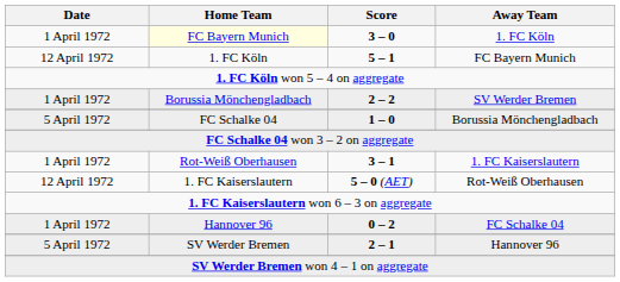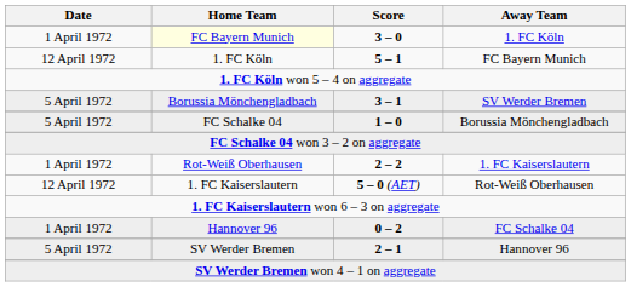 <table class="wikitable" style="text-align: center;">
 <tr>
 <th width=20%>Date</th>
 <th width=25%>Home Team</th>
 <th width=15%>Score</th>
 <th width=25%>Away Team</th>
 </tr>
 <tr>
 <td>1 April 1972</td>
 <td style="background: lightyellow;"><a href='#'>FC Bayern Munich</a></td>
 <td><strong>3 – 0</strong></td>
 <td><a href='#'>1. FC Köln</a></td>
 </tr>
 <tr>
 <td>12 April 1972</td>
 <td>1. FC Köln</td>
 <td><strong>5 – 1</strong></td>
 <td>FC Bayern Munich</td>
 </tr>
 <tr>
 <td colspan=4><strong><a href='#'>1. FC Köln</a></strong> won 5 – 4 on <a href='#'>aggregate</a></td>
 </tr>
 <tr style="background: #EEEEEE;">
-<td>1 April 1972</td>
+<td>5 April 1972</td>
 <td><a href='#'>Borussia Mönchengladbach</a></td>
-<td><strong>2 – 2</strong></td>
+<td><strong>3 – 1</strong></td>
 <td><a href='#'>SV Werder Bremen</a></td>
 </tr>
 <tr>
 </tr>
 <tr style="background: #EEEEEE;">
 <td>5 April 1972</td>
 <td>FC Schalke 04</td>
 <td><strong>1 – 0</strong></td>
 <td>Borussia Mönchengladbach</td>
 </tr>
 <tr>
 </tr>
 <tr style="background: #EEEEEE;">
 <td colspan=4><strong><a href='#'>FC Schalke 04</a></strong> won 3 – 2 on <a href='#'>aggregate</a></td>
 </tr>
 <tr>
 <td>1 April 1972</td>
 <td><a href='#'>Rot-Weiß Oberhausen</a></td>
-<td><strong>3 – 1</strong></td>
+<td><strong>2 – 2</strong></td>
 <td><a href='#'>1. FC Kaiserslautern</a></td>
 </tr>
 <tr>
 <td>12 April 1972</td>
 <td>1. FC Kaiserslautern</td>
 <td><strong>5 – 0</strong> <em>(<a href='#'>AET</a>)</em></td>
 <td>Rot-Weiß Oberhausen</td>
 </tr>
 <tr>
 <td colspan=4><strong><a href='#'>1. FC Kaiserslautern</a></strong> won 6 – 3 on <a href='#'>aggregate</a></td>
 </tr>
 <tr style="background: #EEEEEE;">
 <td>1 April 1972</td>
 <td><a href='#'>Hannover 96</a></td>
 <td><strong>0 – 2</strong></td>
 <td><a href='#'>FC Schalke 04</a></td>
 </tr>
 <tr>
 </tr>
 <tr style="background: #EEEEEE;">
 <td>5 April 1972</td>
 <td>SV Werder Bremen</td>
 <td><strong>2 – 1</strong></td>
 <td>Hannover 96</td>
 </tr>
 <tr>
 </tr>
 <tr style="background: #EEEEEE;">
 <td colspan=4><strong><a href='#'>SV Werder Bremen</a></strong> won 4 – 1 on <a href='#'>aggregate</a></td>
 </tr>
 </table>
